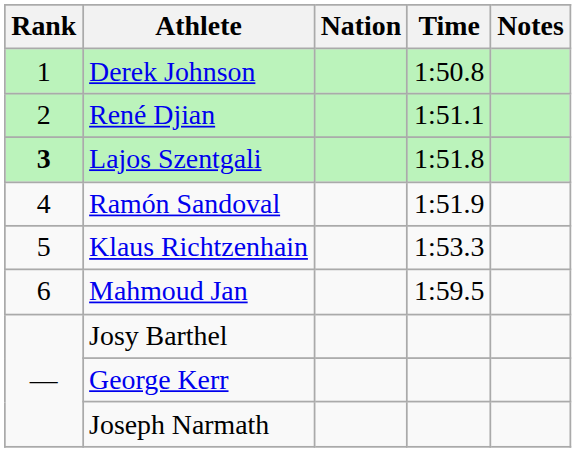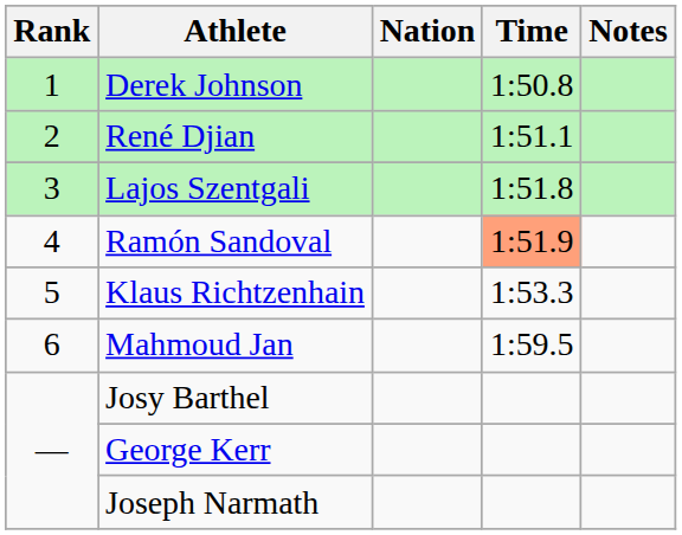 <table class="wikitable sortable" style="text-align:center">
 <tr>
 <th>Rank</th>
 <th>Athlete</th>
 <th>Nation</th>
 <th>Time</th>
 <th>Notes</th>
 </tr>
 <tr bgcolor=bbf3bb>
 <td>1</td>
 <td align=left><a href='#'>Derek Johnson</a></td>
 <td align=left></td>
 <td>1:50.8</td>
 <td></td>
 </tr>
 <tr bgcolor=bbf3bb>
 <td>2</td>
 <td align=left><a href='#'>René Djian</a></td>
 <td align=left></td>
 <td>1:51.1</td>
 <td></td>
 </tr>
 <tr bgcolor=bbf3bb>
-<td><strong>3</strong></td>
+<td>3</td>
 <td align=left><a href='#'>Lajos Szentgali</a></td>
 <td align=left></td>
 <td>1:51.8</td>
 <td></td>
 </tr>
 <tr>
 <td>4</td>
 <td align=left><a href='#'>Ramón Sandoval</a></td>
 <td align=left></td>
-<td>1:51.9</td>
+<td style="background: lightsalmon;">1:51.9</td>
 <td></td>
 </tr>
 <tr>
 <td>5</td>
 <td align=left><a href='#'>Klaus Richtzenhain</a></td>
 <td align=left></td>
 <td>1:53.3</td>
 <td></td>
 </tr>
 <tr>
 <td>6</td>
 <td align=left><a href='#'>Mahmoud Jan</a></td>
 <td align=left></td>
 <td>1:59.5</td>
 <td></td>
 </tr>
 <tr>
 <td rowspan=3 data-sort-value=8>—</td>
 <td align=left>Josy Barthel</td>
 <td align=left></td>
 <td></td>
 <td></td>
 </tr>
 <tr>
 <td align=left><a href='#'>George Kerr</a></td>
 <td align=left></td>
 <td></td>
 <td></td>
 </tr>
 <tr>
 <td align=left>Joseph Narmath</td>
 <td align=left></td>
 <td></td>
 <td></td>
 </tr>
 </table>
